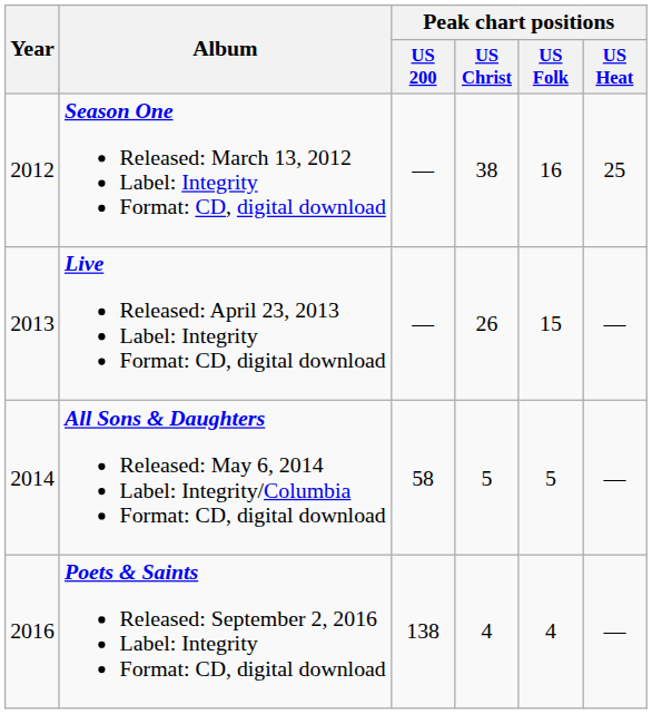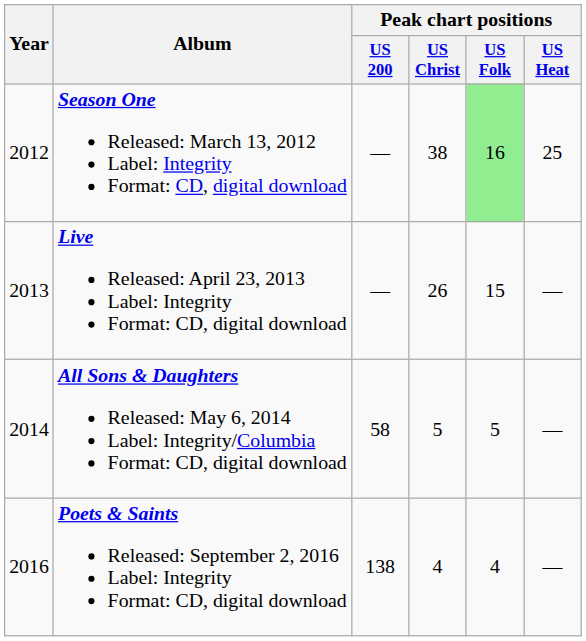 <table class="wikitable" style="text-align:center;">
 <tr>
 <th rowspan="2">Year</th>
 <th rowspan="2">Album</th>
 <th colspan="4">Peak chart positions</th>
 </tr>
 <tr style="font-size:smaller;">
 <th width="40"><a href='#'>US<br>200</a><br></th>
 <th width="40"><a href='#'>US<br>Christ</a><br></th>
 <th width="40"><a href='#'>US<br>Folk</a></th>
 <th width="40"><a href='#'>US<br>Heat</a></th>
 </tr>
 <tr>
 <td>2012</td>
 <td align="left"><strong><em><a href='#'>Season One</a></em></strong><br><ul><li>Released: March 13, 2012</li><li>Label: <a href='#'>Integrity</a></li><li>Format: <a href='#'>CD</a>, <a href='#'>digital download</a></li></ul></td>
 <td>—</td>
 <td>38</td>
-<td>16</td>
+<td style="background: lightgreen;">16</td>
 <td>25</td>
 </tr>
 <tr>
 <td>2013</td>
 <td align="left"><strong><em><a href='#'>Live</a></em></strong><br><ul><li>Released: April 23, 2013</li><li>Label: Integrity</li><li>Format: CD, digital download</li></ul></td>
 <td>—</td>
 <td>26</td>
 <td>15</td>
 <td>—</td>
 </tr>
 <tr>
 <td>2014</td>
 <td align="left"><strong><em><a href='#'>All Sons & Daughters</a></em></strong><br><ul><li>Released: May 6, 2014</li><li>Label: Integrity/<a href='#'>Columbia</a></li><li>Format: CD, digital download</li></ul></td>
 <td>58</td>
 <td>5</td>
 <td>5</td>
 <td>—</td>
 </tr>
 <tr>
 <td>2016</td>
 <td align="left"><strong><em><a href='#'>Poets & Saints</a></em></strong><br><ul><li>Released: September 2, 2016</li><li>Label: Integrity</li><li>Format: CD, digital download</li></ul></td>
 <td>138</td>
 <td>4</td>
 <td>4</td>
 <td>—</td>
 </tr>
 </table>
